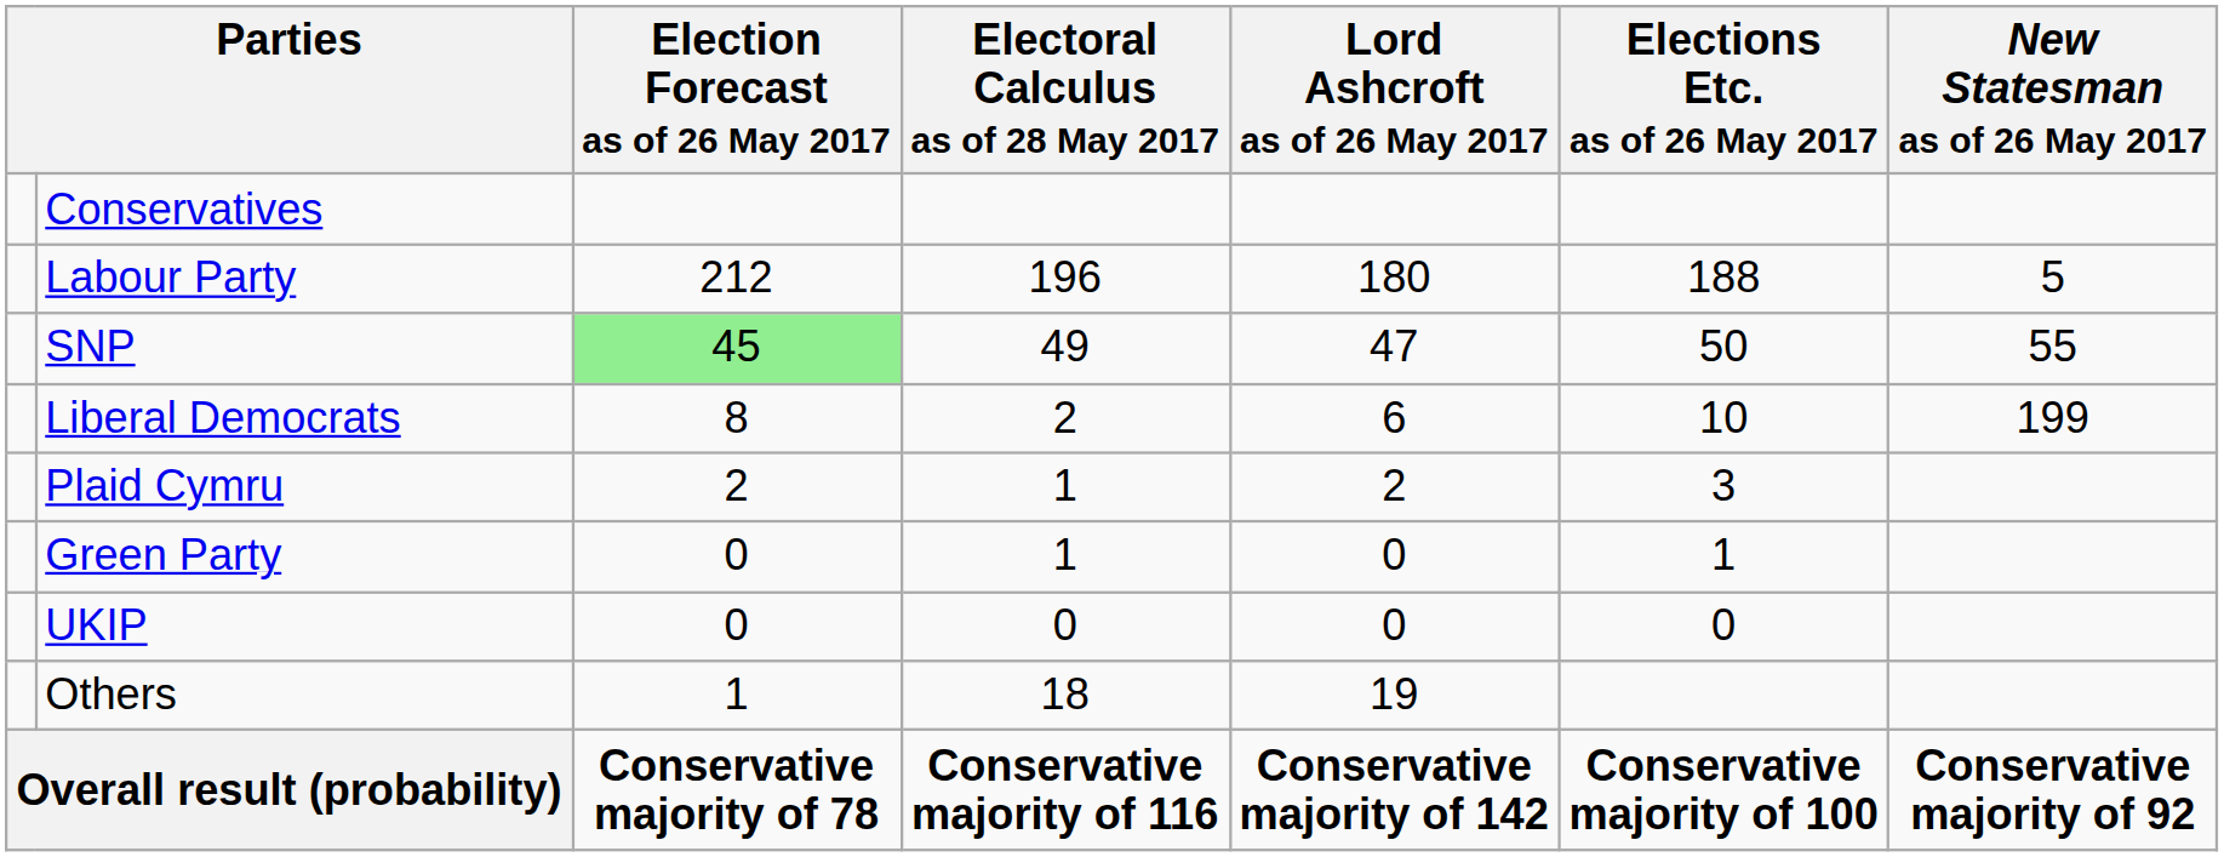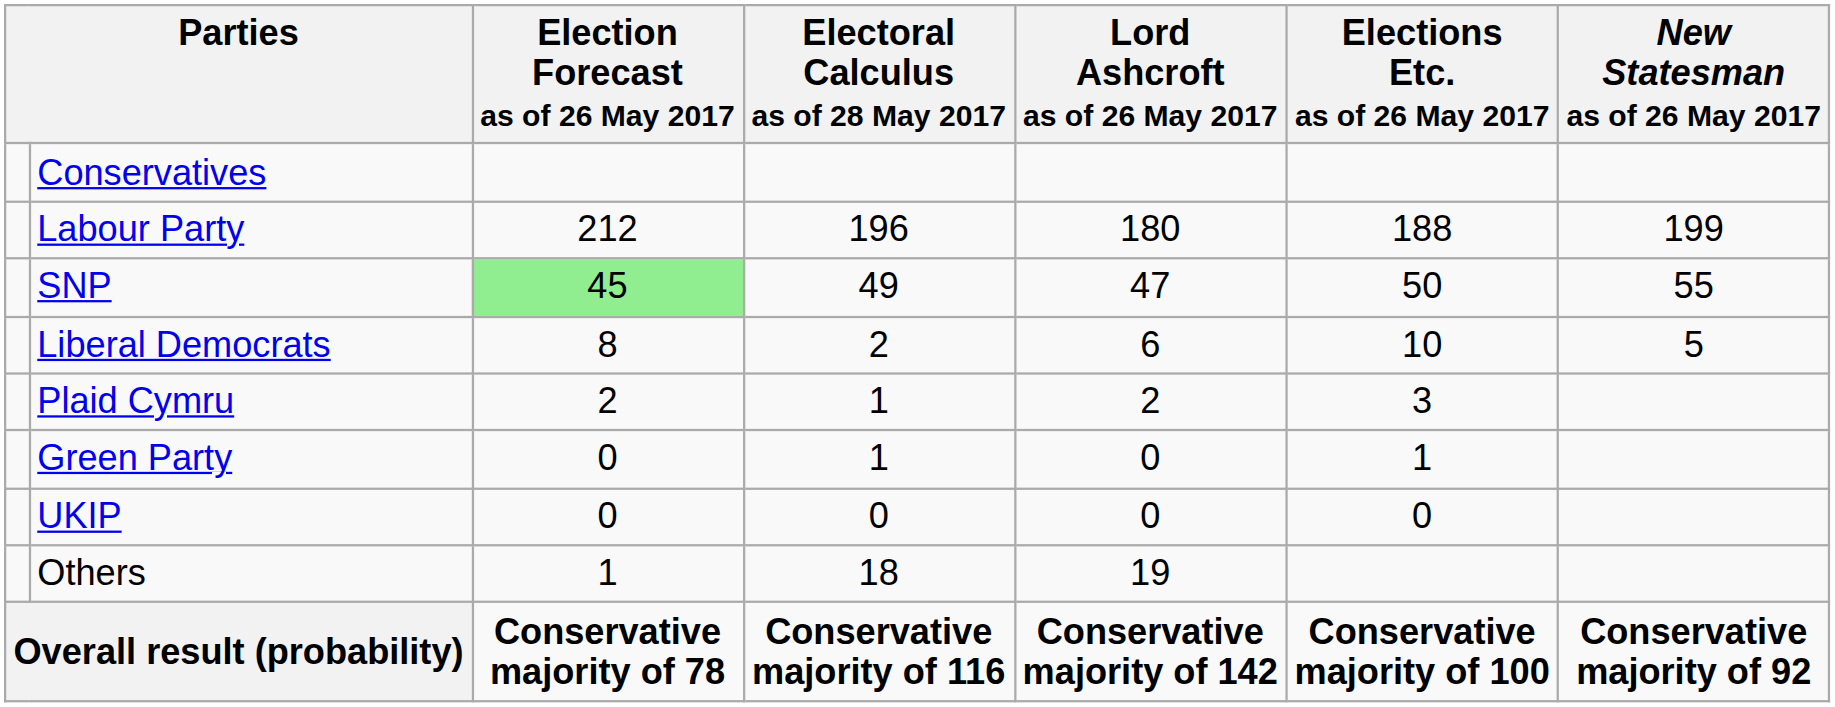 <table class="wikitable">
 <tr>
 <th colspan="2" style="vertical-align:top;">Parties</th>
 <th style="vertical-align:top;">Election<br>Forecast<br><small>as of 26 May 2017</small></th>
 <th style="vertical-align:top;">Electoral <br> Calculus<br><small>as of 28 May 2017</small></th>
 <th style="vertical-align:top;">Lord <br> Ashcroft<br><small>as of 26 May 2017</small></th>
 <th style="vertical-align:top;">Elections<br>Etc.<br><small>as of 26 May 2017</small></th>
 <th style="vertical-align:top;"><em>New</em><br><em>Statesman</em><br><small>as of 26 May 2017</small></th>
 </tr>
 <tr>
 <td></td>
 <td><a href='#'>Conservatives</a></td>
 <td></td>
 <td></td>
 <td></td>
 <td></td>
 <td></td>
 </tr>
 <tr>
 <td></td>
 <td><a href='#'>Labour Party</a></td>
 <td style="text-align:center;">212</td>
 <td style="text-align:center;">196</td>
 <td style="text-align:center;">180</td>
 <td style="text-align:center;">188</td>
-<td style="text-align:center;">5</td>
+<td style="text-align:center;">199</td>
 </tr>
 <tr>
 <td></td>
 <td><a href='#'>SNP</a></td>
 <td style="background: lightgreen; text-align:center;">45</td>
 <td style="text-align:center;">49</td>
 <td style="text-align:center;">47</td>
 <td style="text-align:center;">50</td>
 <td style="text-align:center;">55</td>
 </tr>
 <tr>
 <td></td>
 <td><a href='#'>Liberal Democrats</a></td>
 <td style="text-align:center;">8</td>
 <td style="text-align:center;">2</td>
 <td style="text-align:center;">6</td>
 <td style="text-align:center;">10</td>
-<td style="text-align:center;">199</td>
+<td style="text-align:center;">5</td>
 </tr>
 <tr>
 <td></td>
 <td><a href='#'>Plaid Cymru</a></td>
 <td style="text-align:center;">2</td>
 <td style="text-align:center;">1</td>
 <td style="text-align:center;">2</td>
 <td style="text-align:center;">3</td>
 <td></td>
 </tr>
 <tr>
 <td></td>
 <td><a href='#'>Green Party</a></td>
 <td style="text-align:center;">0</td>
 <td style="text-align:center;">1</td>
 <td style="text-align:center;">0</td>
 <td style="text-align:center;">1</td>
 <td></td>
 </tr>
 <tr>
 <td></td>
 <td><a href='#'>UKIP</a></td>
 <td style="text-align:center;">0</td>
 <td style="text-align:center;">0</td>
 <td style="text-align:center;">0</td>
 <td style="text-align:center;">0</td>
 <td></td>
 </tr>
 <tr>
 <td></td>
 <td>Others</td>
 <td style="text-align:center;">1</td>
 <td style="text-align:center;">18</td>
 <td style="text-align:center;">19</td>
 <td></td>
 <td></td>
 </tr>
 <tr>
 <th colspan="2">Overall result (probability)</th>
 <td style="text-align:center; background:"><strong>Conservative <br> majority of 78</strong></td>
 <td style="text-align:center; background:"><strong>Conservative <br> majority of 116</strong></td>
 <td style="text-align:center; background:"><strong>Conservative <br> majority of 142</strong></td>
 <td style="text-align:center; background:"><strong>Conservative <br> majority of 100</strong></td>
 <td style="text-align:center; background:"><strong>Conservative <br> majority of 92</strong></td>
 </tr>
 </table>
